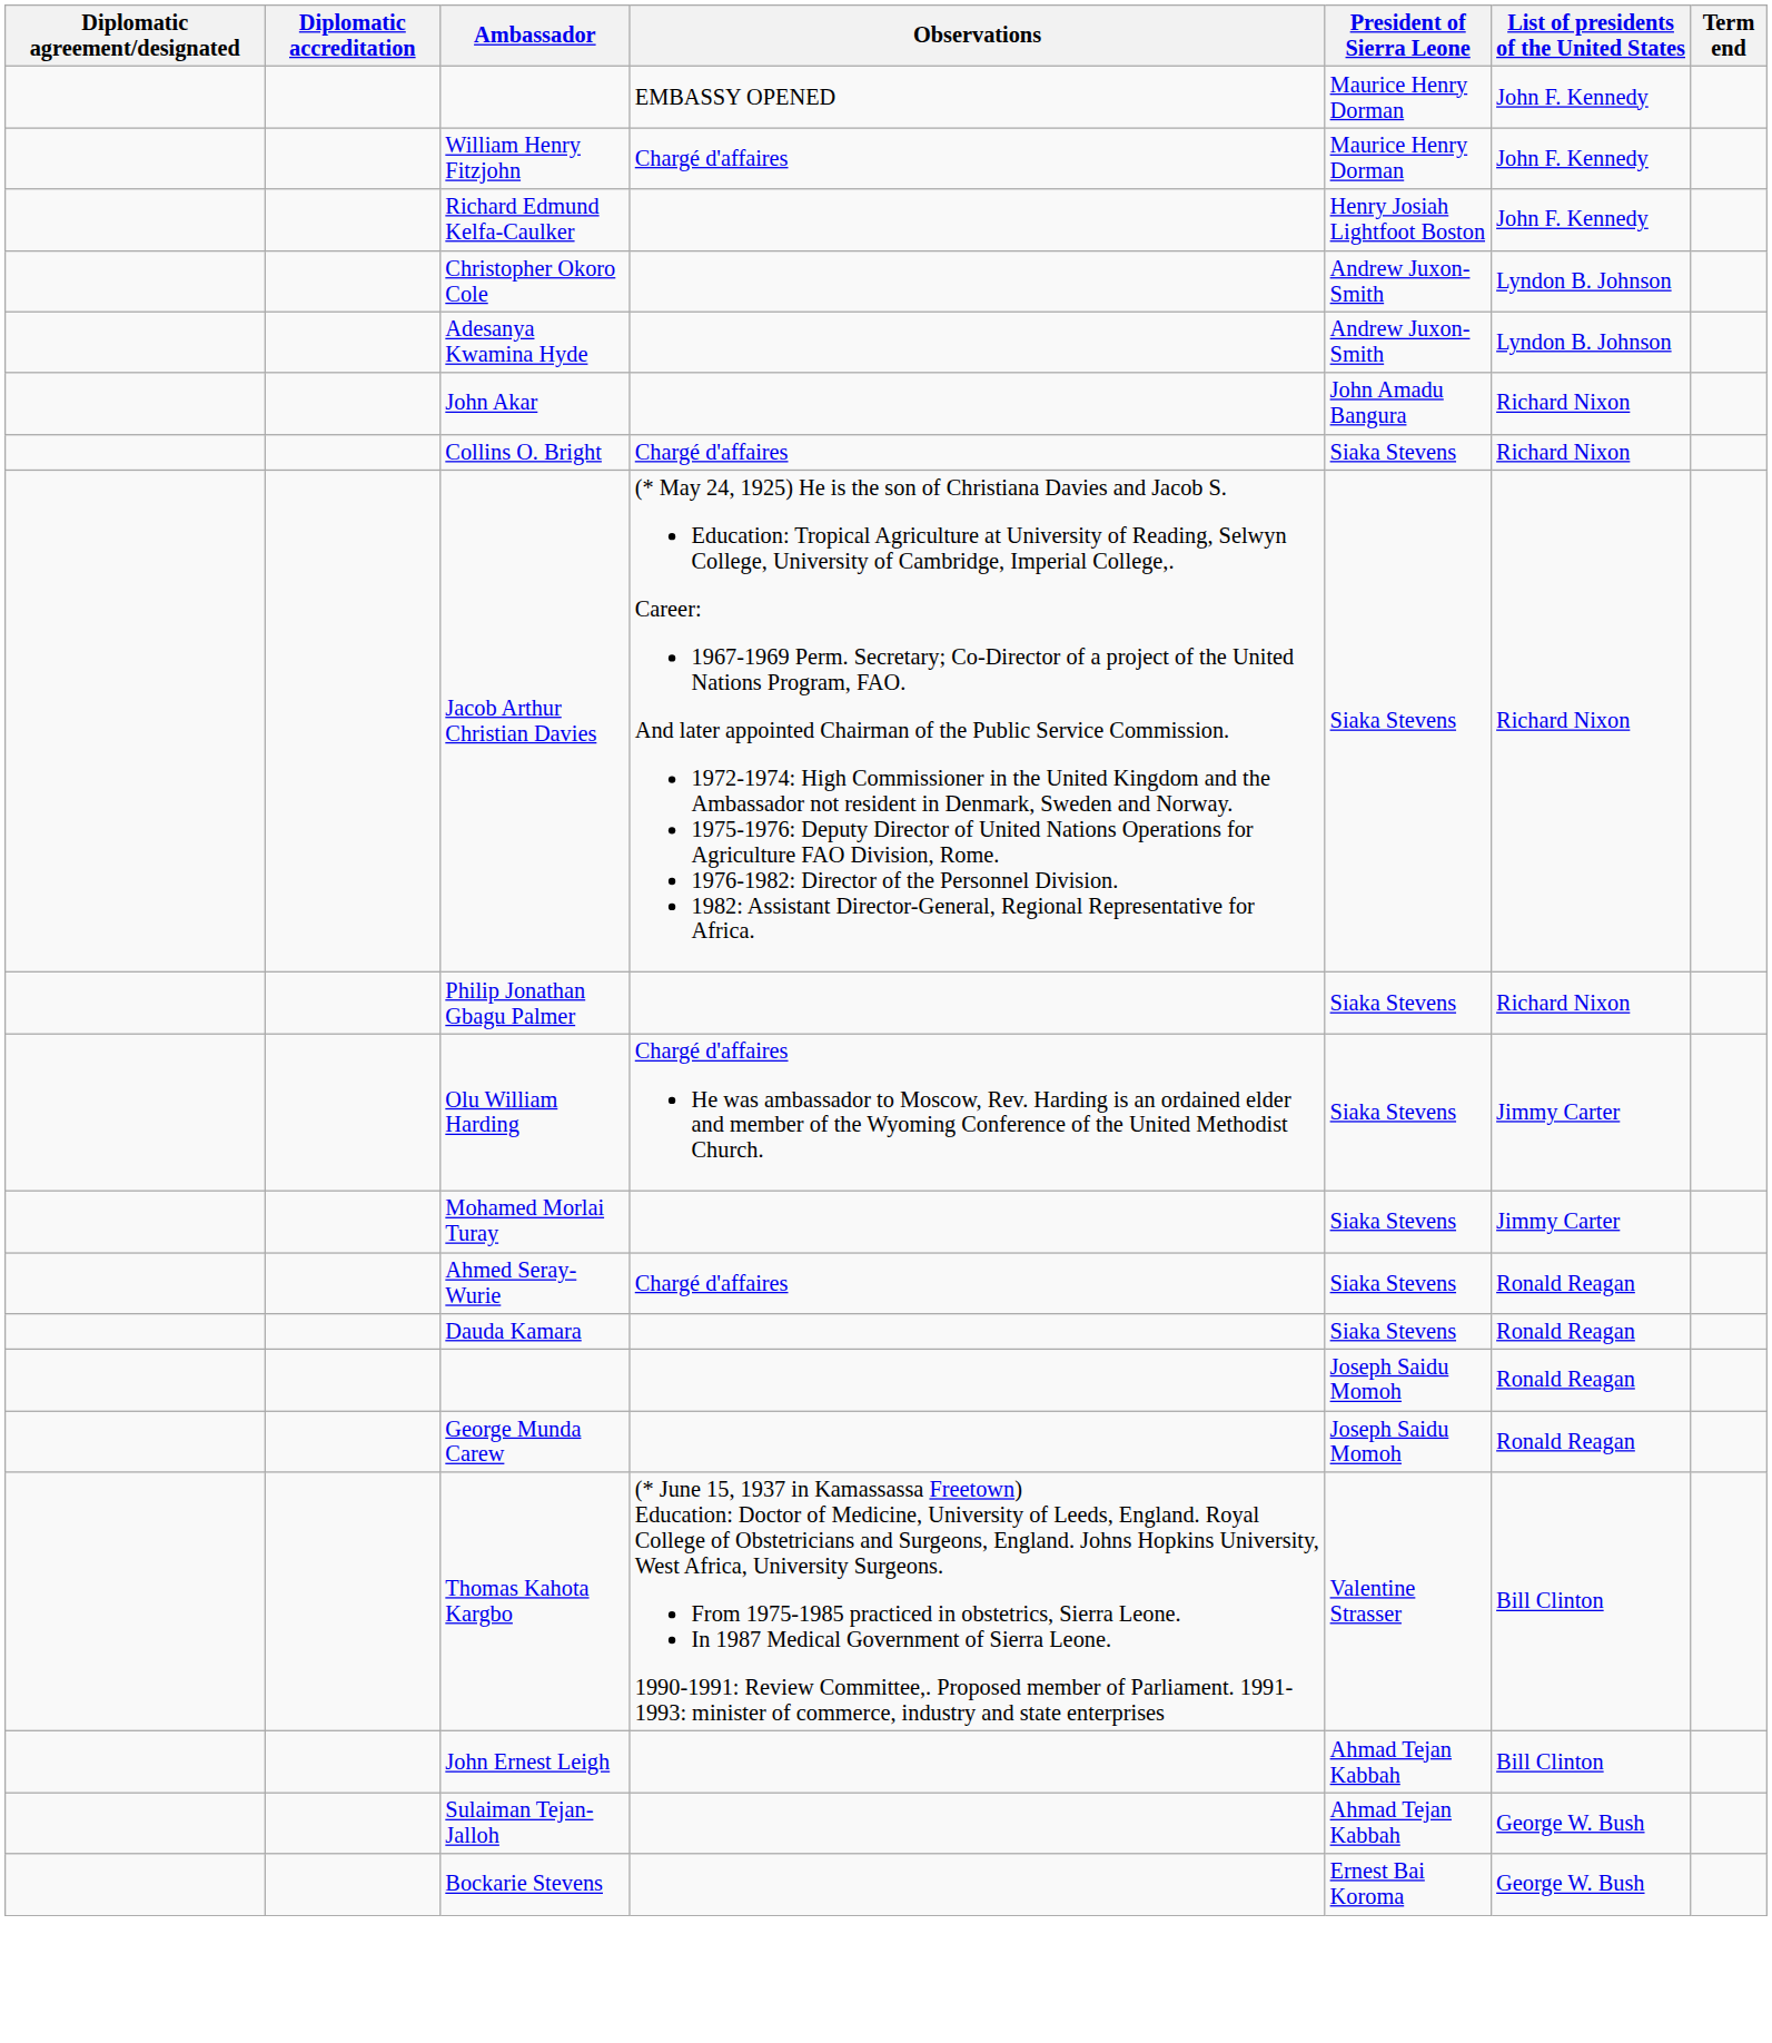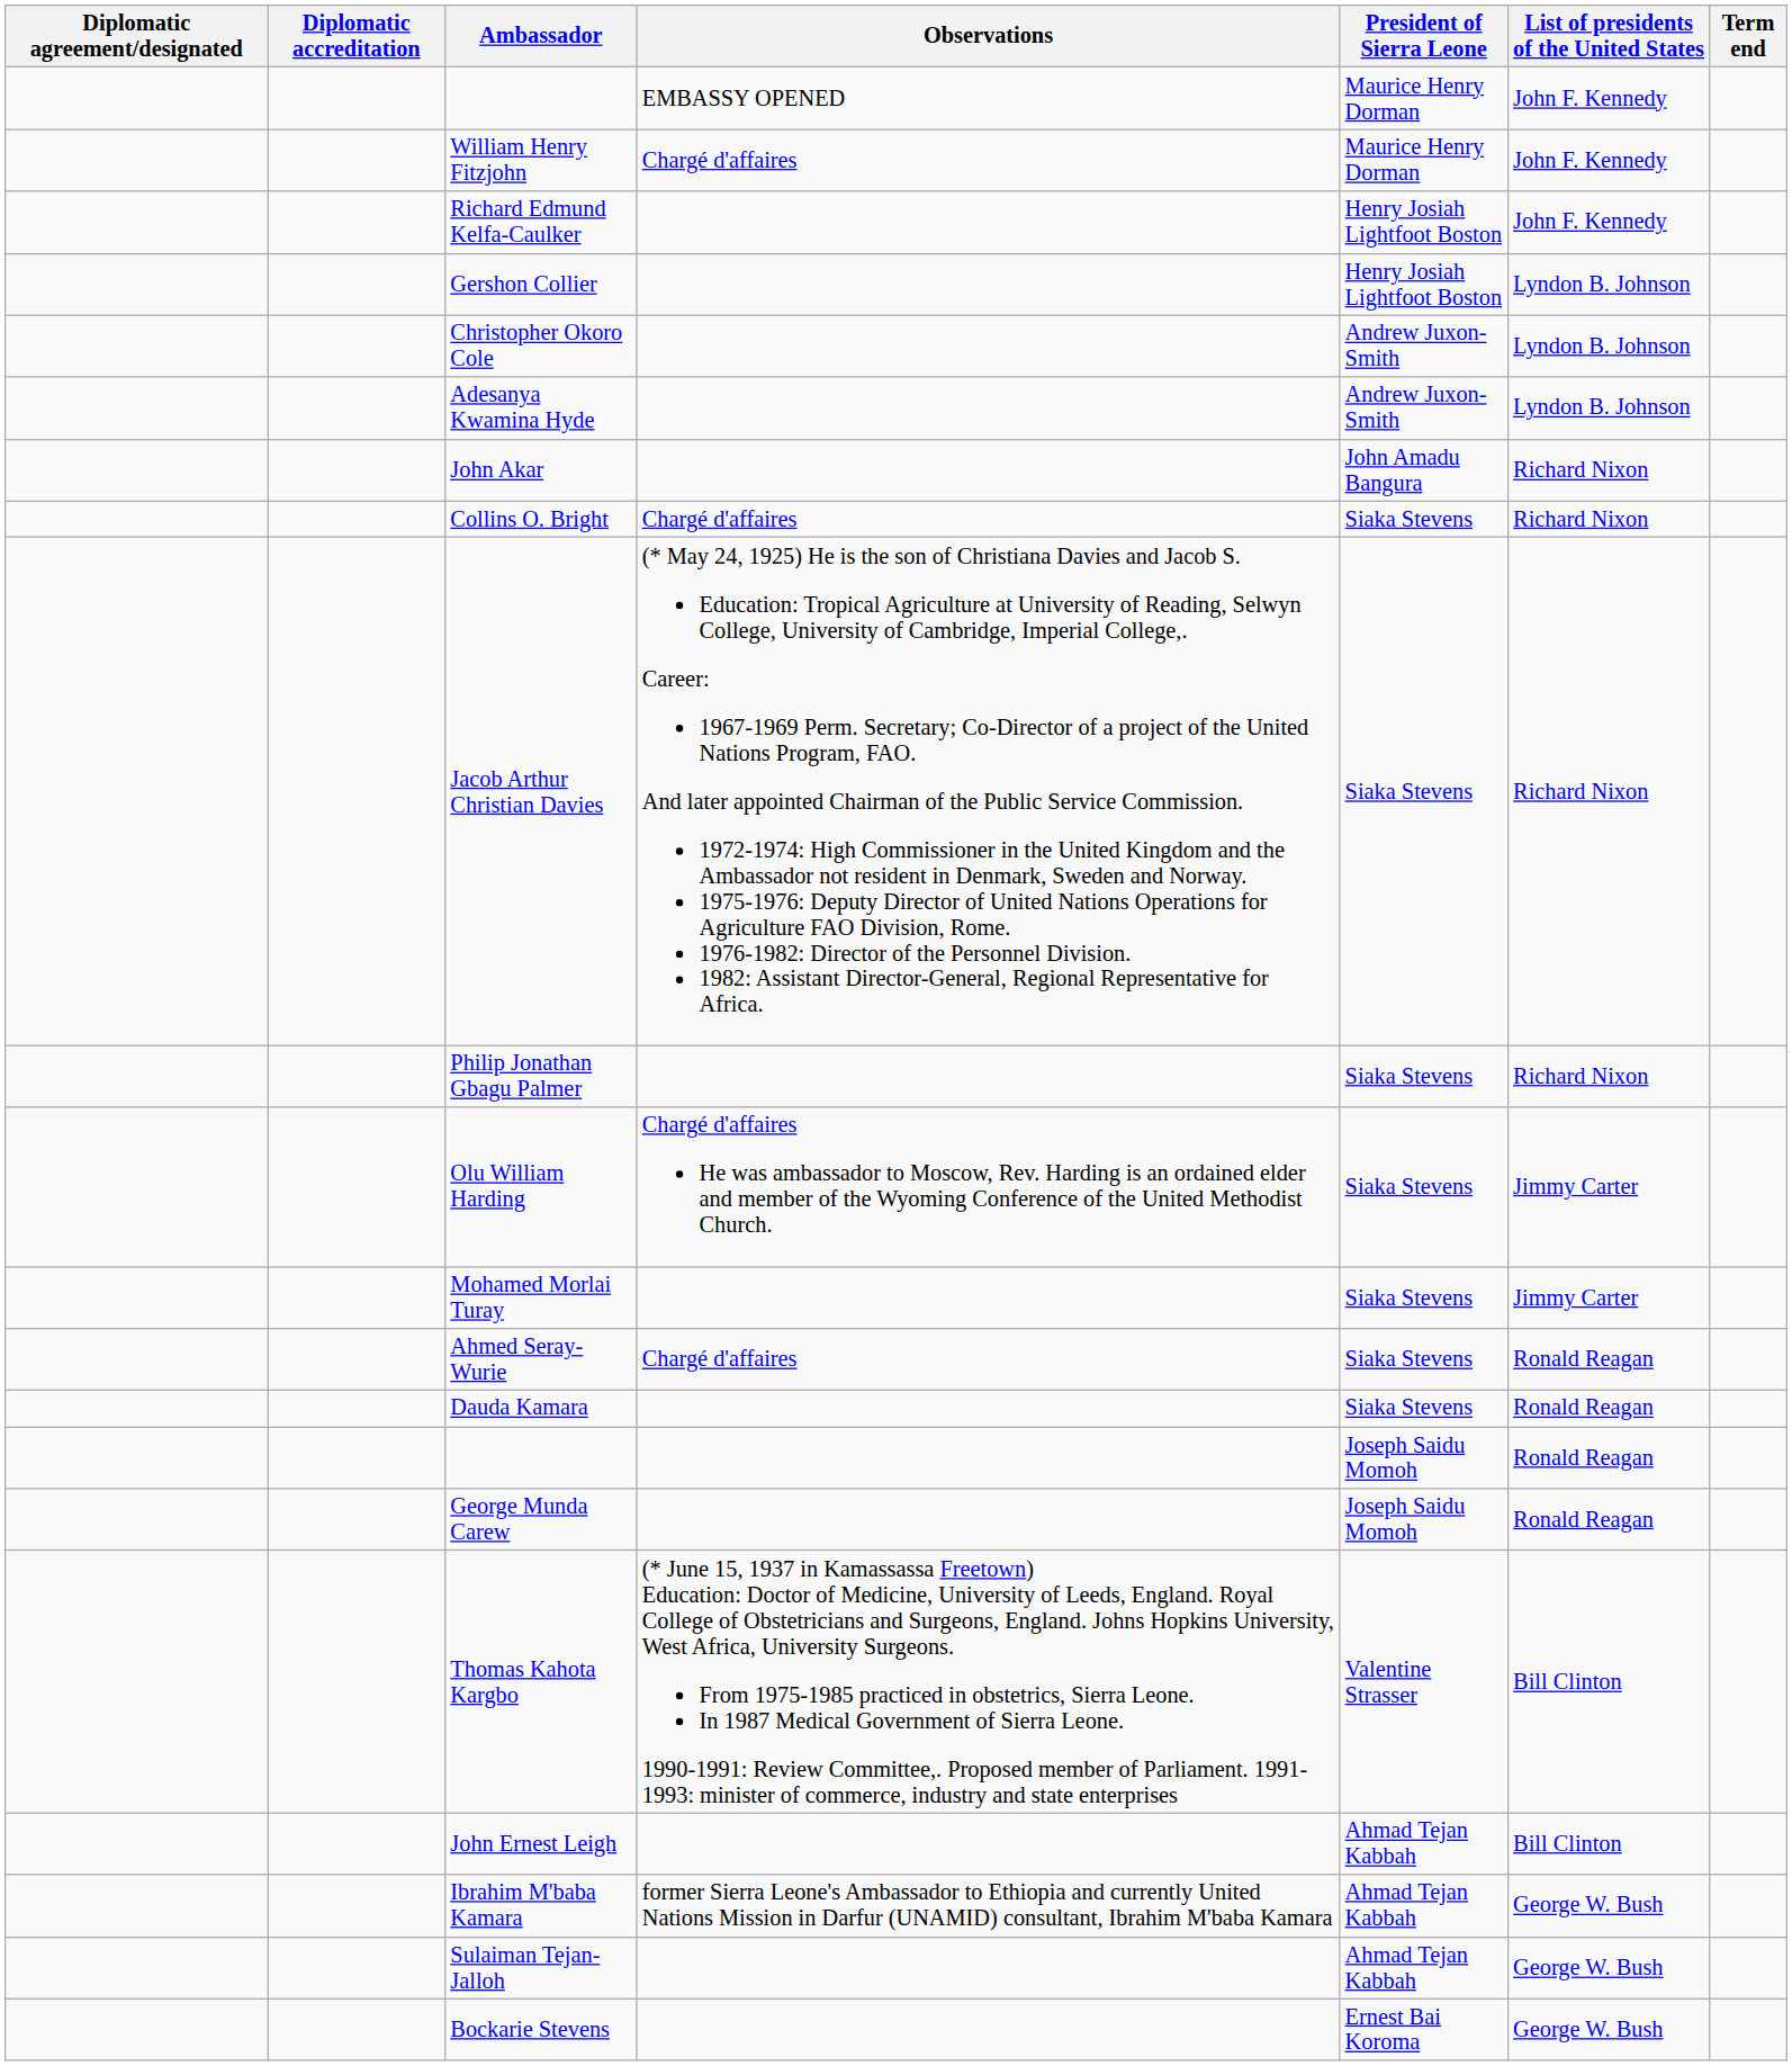 <table class="wikitable sortable">
 <tr>
 <th>Diplomatic agreement/designated</th>
 <th><a href='#'>Diplomatic accreditation</a></th>
 <th><a href='#'>Ambassador</a></th>
 <th>Observations</th>
 <th><a href='#'>President of Sierra Leone</a></th>
 <th><a href='#'>List of presidents of the United States</a></th>
 <th>Term end</th>
 </tr>
 <tr>
 <td></td>
 <td></td>
 <td></td>
 <td>EMBASSY OPENED</td>
 <td><a href='#'>Maurice Henry Dorman</a></td>
 <td><a href='#'>John F. Kennedy</a></td>
 <td></td>
 </tr>
 <tr>
 <td></td>
 <td></td>
 <td><a href='#'>William Henry Fitzjohn</a></td>
 <td><a href='#'>Chargé d'affaires</a></td>
 <td><a href='#'>Maurice Henry Dorman</a></td>
 <td><a href='#'>John F. Kennedy</a></td>
 <td></td>
 </tr>
 <tr>
 <td></td>
 <td></td>
 <td><a href='#'>Richard Edmund Kelfa-Caulker</a></td>
 <td></td>
 <td><a href='#'>Henry Josiah Lightfoot Boston</a></td>
 <td><a href='#'>John F. Kennedy</a></td>
+<td></td>
+</tr>
+<tr>
+<td></td>
+<td></td>
+<td><a href='#'>Gershon Collier</a></td>
+<td></td>
+<td><a href='#'>Henry Josiah Lightfoot Boston</a></td>
+<td><a href='#'>Lyndon B. Johnson</a></td>
 <td></td>
 </tr>
 <tr>
 <td></td>
 <td></td>
 <td><a href='#'>Christopher Okoro Cole</a></td>
 <td></td>
 <td><a href='#'>Andrew Juxon-Smith</a></td>
 <td><a href='#'>Lyndon B. Johnson</a></td>
 <td></td>
 </tr>
 <tr>
 <td></td>
 <td></td>
 <td><a href='#'>Adesanya Kwamina Hyde</a></td>
 <td></td>
 <td><a href='#'>Andrew Juxon-Smith</a></td>
 <td><a href='#'>Lyndon B. Johnson</a></td>
 <td></td>
 </tr>
 <tr>
 <td></td>
 <td></td>
 <td><a href='#'>John Akar</a></td>
 <td></td>
 <td><a href='#'>John Amadu Bangura</a></td>
 <td><a href='#'>Richard Nixon</a></td>
 <td></td>
 </tr>
 <tr>
 <td></td>
 <td></td>
 <td><a href='#'>Collins O. Bright</a></td>
 <td><a href='#'>Chargé d'affaires</a></td>
 <td><a href='#'>Siaka Stevens</a></td>
 <td><a href='#'>Richard Nixon</a></td>
 <td></td>
 </tr>
 <tr>
 <td></td>
 <td></td>
 <td><a href='#'>Jacob Arthur Christian Davies</a></td>
 <td>(* May 24, 1925) He is the son of Christiana Davies and Jacob S.<br><ul><li>Education: Tropical Agriculture at University of Reading, Selwyn College, University of Cambridge, Imperial College,.</li></ul>Career:<ul><li>1967-1969 Perm. Secretary; Co-Director of a project of the United Nations Program, FAO.</li></ul>And later appointed Chairman of the Public Service Commission.<ul><li>1972-1974: High Commissioner in the United Kingdom and the Ambassador not resident in Denmark, Sweden and Norway.</li><li>1975-1976: Deputy Director of United Nations Operations for Agriculture FAO Division, Rome.</li><li>1976-1982: Director of the Personnel Division.</li><li>1982: Assistant Director-General, Regional Representative for Africa.</li></ul></td>
 <td><a href='#'>Siaka Stevens</a></td>
 <td><a href='#'>Richard Nixon</a></td>
 <td></td>
 </tr>
 <tr>
 <td></td>
 <td></td>
 <td><a href='#'>Philip Jonathan Gbagu Palmer</a></td>
 <td></td>
 <td><a href='#'>Siaka Stevens</a></td>
 <td><a href='#'>Richard Nixon</a></td>
 <td></td>
 </tr>
 <tr>
 <td></td>
 <td></td>
 <td><a href='#'>Olu William Harding</a></td>
 <td><a href='#'>Chargé d'affaires</a><br><ul><li>He was ambassador to Moscow, Rev. Harding is an ordained elder and member of the Wyoming Conference of the United Methodist Church.</li></ul></td>
 <td><a href='#'>Siaka Stevens</a></td>
 <td><a href='#'>Jimmy Carter</a></td>
 <td></td>
 </tr>
 <tr>
 <td></td>
 <td></td>
 <td><a href='#'>Mohamed Morlai Turay</a></td>
 <td></td>
 <td><a href='#'>Siaka Stevens</a></td>
 <td><a href='#'>Jimmy Carter</a></td>
 <td></td>
 </tr>
 <tr>
 <td></td>
 <td></td>
 <td><a href='#'>Ahmed Seray-Wurie</a></td>
 <td><a href='#'>Chargé d'affaires</a></td>
 <td><a href='#'>Siaka Stevens</a></td>
 <td><a href='#'>Ronald Reagan</a></td>
 <td></td>
 </tr>
 <tr>
 <td></td>
 <td></td>
 <td><a href='#'>Dauda Kamara</a></td>
 <td></td>
 <td><a href='#'>Siaka Stevens</a></td>
 <td><a href='#'>Ronald Reagan</a></td>
 <td></td>
 </tr>
 <tr>
 <td></td>
 <td></td>
 <td></td>
 <td></td>
 <td><a href='#'>Joseph Saidu Momoh</a></td>
 <td><a href='#'>Ronald Reagan</a></td>
 <td></td>
 </tr>
 <tr>
 <td></td>
 <td></td>
 <td><a href='#'>George Munda Carew</a></td>
 <td></td>
 <td><a href='#'>Joseph Saidu Momoh</a></td>
 <td><a href='#'>Ronald Reagan</a></td>
 <td></td>
 </tr>
 <tr>
 <td></td>
 <td></td>
 <td><a href='#'>Thomas Kahota Kargbo</a></td>
 <td>(* June 15, 1937 in Kamassassa <a href='#'>Freetown</a>)<br>Education: Doctor of Medicine, University of Leeds, England. Royal College of Obstetricians and Surgeons, England. Johns Hopkins University, West Africa, University Surgeons.<ul><li>From 1975-1985 practiced in obstetrics, Sierra Leone.</li><li>In 1987 Medical Government of Sierra Leone.</li></ul>1990-1991: Review Committee,. Proposed member of Parliament. 1991-1993: minister of commerce, industry and state enterprises</td>
 <td><a href='#'>Valentine Strasser</a></td>
 <td><a href='#'>Bill Clinton</a></td>
 <td></td>
 </tr>
 <tr>
 <td></td>
 <td></td>
 <td><a href='#'>John Ernest Leigh</a></td>
 <td></td>
 <td><a href='#'>Ahmad Tejan Kabbah</a></td>
 <td><a href='#'>Bill Clinton</a></td>
 <td></td>
 </tr>
 <tr>
 <td></td>
 <td></td>
+<td><a href='#'>Ibrahim M'baba Kamara</a></td>
+<td>former Sierra Leone's Ambassador to Ethiopia and currently United Nations Mission in Darfur (UNAMID) consultant, Ibrahim M'baba Kamara</td>
+<td><a href='#'>Ahmad Tejan Kabbah</a></td>
+<td><a href='#'>George W. Bush</a></td>
+<td></td>
+</tr>
+<tr>
+<td></td>
+<td></td>
 <td><a href='#'>Sulaiman Tejan-Jalloh</a></td>
 <td></td>
 <td><a href='#'>Ahmad Tejan Kabbah</a></td>
 <td><a href='#'>George W. Bush</a></td>
 <td></td>
 </tr>
 <tr>
 <td></td>
 <td></td>
 <td><a href='#'>Bockarie Stevens</a></td>
 <td></td>
 <td><a href='#'>Ernest Bai Koroma</a></td>
 <td><a href='#'>George W. Bush</a></td>
 <td></td>
 </tr>
 </table>
